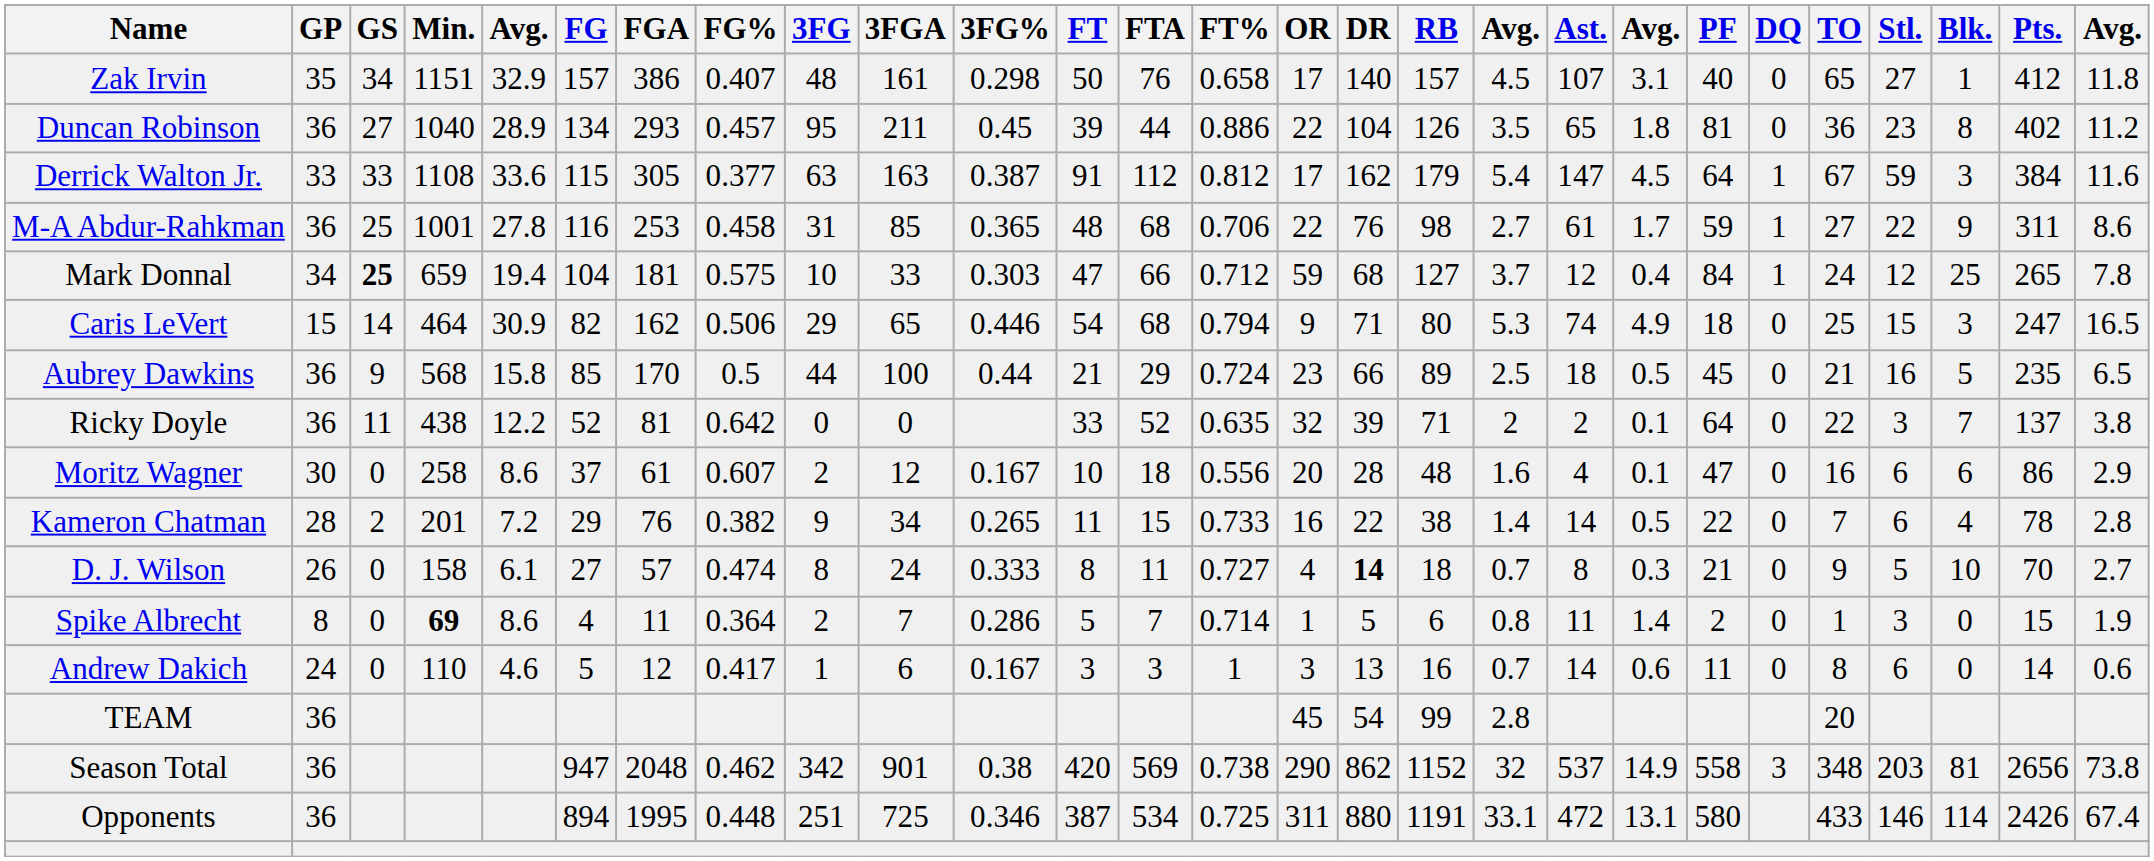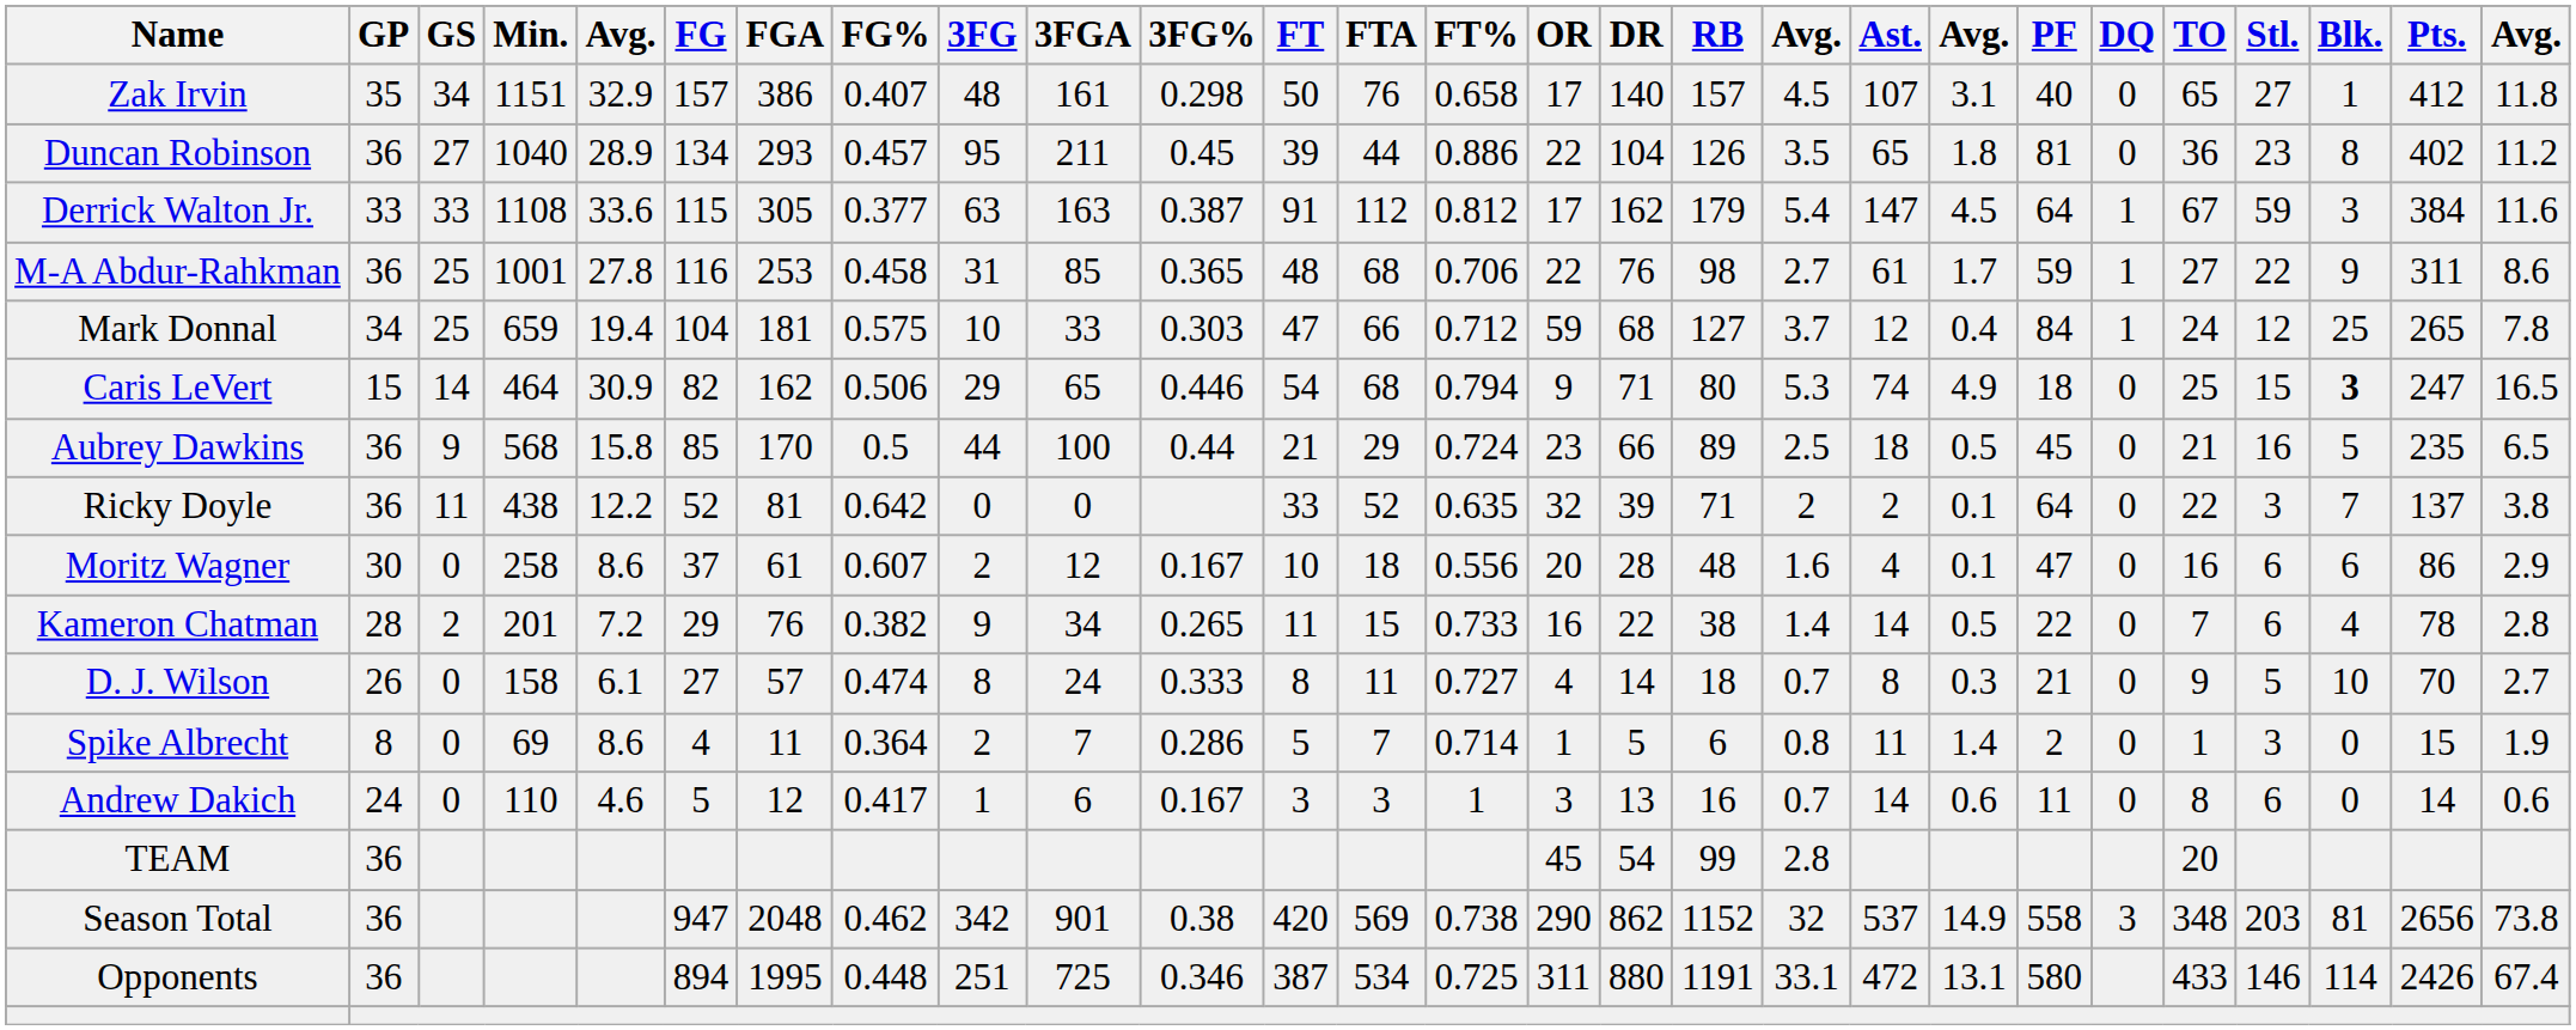 <table class="wikitable" style="text-align:center; background:#f0f0f0;">
 <tr>
 <th><strong>Name</strong></th>
 <th><strong>GP</strong></th>
 <th><strong>GS</strong></th>
 <th><strong>Min.</strong></th>
 <th><strong>Avg.</strong></th>
 <th><strong><a href='#'>FG</a></strong></th>
 <th><strong>FGA</strong></th>
 <th><strong>FG%</strong></th>
 <th><strong><a href='#'>3FG</a></strong></th>
 <th><strong>3FGA</strong></th>
 <th><strong>3FG%</strong></th>
 <th><strong><a href='#'>FT</a></strong></th>
 <th><strong>FTA</strong></th>
 <th><strong>FT%</strong></th>
 <th><strong>OR</strong></th>
 <th><strong>DR</strong></th>
 <th><strong><a href='#'>RB</a></strong></th>
 <th><strong>Avg.</strong></th>
 <th><strong><a href='#'>Ast.</a></strong></th>
 <th><strong>Avg.</strong></th>
 <th><strong><a href='#'>PF</a></strong></th>
 <th><strong><a href='#'>DQ</a></strong></th>
 <th><strong><a href='#'>TO</a></strong></th>
 <th><strong><a href='#'>Stl.</a></strong></th>
 <th><strong><a href='#'>Blk.</a></strong></th>
 <th><strong><a href='#'>Pts.</a></strong></th>
 <th><strong>Avg.</strong></th>
 </tr>
 <tr>
 <td><a href='#'>Zak Irvin</a></td>
 <td>35</td>
 <td>34</td>
 <td>1151</td>
 <td>32.9</td>
 <td>157</td>
 <td>386</td>
 <td>0.407</td>
 <td>48</td>
 <td>161</td>
 <td>0.298</td>
 <td>50</td>
 <td>76</td>
 <td>0.658</td>
 <td>17</td>
 <td>140</td>
 <td>157</td>
 <td>4.5</td>
 <td>107</td>
 <td>3.1</td>
 <td>40</td>
 <td>0</td>
 <td>65</td>
 <td>27</td>
 <td>1</td>
 <td>412</td>
 <td>11.8</td>
 </tr>
 <tr>
 <td><a href='#'>Duncan Robinson</a></td>
 <td>36</td>
 <td>27</td>
 <td>1040</td>
 <td>28.9</td>
 <td>134</td>
 <td>293</td>
 <td>0.457</td>
 <td>95</td>
 <td>211</td>
 <td>0.45</td>
 <td>39</td>
 <td>44</td>
 <td>0.886</td>
 <td>22</td>
 <td>104</td>
 <td>126</td>
 <td>3.5</td>
 <td>65</td>
 <td>1.8</td>
 <td>81</td>
 <td>0</td>
 <td>36</td>
 <td>23</td>
 <td>8</td>
 <td>402</td>
 <td>11.2</td>
 </tr>
 <tr>
 <td><a href='#'>Derrick Walton Jr.</a></td>
 <td>33</td>
 <td>33</td>
 <td>1108</td>
 <td>33.6</td>
 <td>115</td>
 <td>305</td>
 <td>0.377</td>
 <td>63</td>
 <td>163</td>
 <td>0.387</td>
 <td>91</td>
 <td>112</td>
 <td>0.812</td>
 <td>17</td>
 <td>162</td>
 <td>179</td>
 <td>5.4</td>
 <td>147</td>
 <td>4.5</td>
 <td>64</td>
 <td>1</td>
 <td>67</td>
 <td>59</td>
 <td>3</td>
 <td>384</td>
 <td>11.6</td>
 </tr>
 <tr>
 <td><a href='#'>M-A Abdur-Rahkman</a></td>
 <td>36</td>
 <td>25</td>
 <td>1001</td>
 <td>27.8</td>
 <td>116</td>
 <td>253</td>
 <td>0.458</td>
 <td>31</td>
 <td>85</td>
 <td>0.365</td>
 <td>48</td>
 <td>68</td>
 <td>0.706</td>
 <td>22</td>
 <td>76</td>
 <td>98</td>
 <td>2.7</td>
 <td>61</td>
 <td>1.7</td>
 <td>59</td>
 <td>1</td>
 <td>27</td>
 <td>22</td>
 <td>9</td>
 <td>311</td>
 <td>8.6</td>
 </tr>
 <tr>
 <td>Mark Donnal</td>
 <td>34</td>
-<td><strong>25</strong></td>
+<td>25</td>
 <td>659</td>
 <td>19.4</td>
 <td>104</td>
 <td>181</td>
 <td>0.575</td>
 <td>10</td>
 <td>33</td>
 <td>0.303</td>
 <td>47</td>
 <td>66</td>
 <td>0.712</td>
 <td>59</td>
 <td>68</td>
 <td>127</td>
 <td>3.7</td>
 <td>12</td>
 <td>0.4</td>
 <td>84</td>
 <td>1</td>
 <td>24</td>
 <td>12</td>
 <td>25</td>
 <td>265</td>
 <td>7.8</td>
 </tr>
 <tr>
 <td><a href='#'>Caris LeVert</a></td>
 <td>15</td>
 <td>14</td>
 <td>464</td>
 <td>30.9</td>
 <td>82</td>
 <td>162</td>
 <td>0.506</td>
 <td>29</td>
 <td>65</td>
 <td>0.446</td>
 <td>54</td>
 <td>68</td>
 <td>0.794</td>
 <td>9</td>
 <td>71</td>
 <td>80</td>
 <td>5.3</td>
 <td>74</td>
 <td>4.9</td>
 <td>18</td>
 <td>0</td>
 <td>25</td>
 <td>15</td>
-<td>3</td>
+<td><strong>3</strong></td>
 <td>247</td>
 <td>16.5</td>
 </tr>
 <tr>
 <td><a href='#'>Aubrey Dawkins</a></td>
 <td>36</td>
 <td>9</td>
 <td>568</td>
 <td>15.8</td>
 <td>85</td>
 <td>170</td>
 <td>0.5</td>
 <td>44</td>
 <td>100</td>
 <td>0.44</td>
 <td>21</td>
 <td>29</td>
 <td>0.724</td>
 <td>23</td>
 <td>66</td>
 <td>89</td>
 <td>2.5</td>
 <td>18</td>
 <td>0.5</td>
 <td>45</td>
 <td>0</td>
 <td>21</td>
 <td>16</td>
 <td>5</td>
 <td>235</td>
 <td>6.5</td>
 </tr>
 <tr>
 <td>Ricky Doyle</td>
 <td>36</td>
 <td>11</td>
 <td>438</td>
 <td>12.2</td>
 <td>52</td>
 <td>81</td>
 <td>0.642</td>
 <td>0</td>
 <td>0</td>
 <td></td>
 <td>33</td>
 <td>52</td>
 <td>0.635</td>
 <td>32</td>
 <td>39</td>
 <td>71</td>
 <td>2</td>
 <td>2</td>
 <td>0.1</td>
 <td>64</td>
 <td>0</td>
 <td>22</td>
 <td>3</td>
 <td>7</td>
 <td>137</td>
 <td>3.8</td>
 </tr>
 <tr>
 <td><a href='#'>Moritz Wagner</a></td>
 <td>30</td>
 <td>0</td>
 <td>258</td>
 <td>8.6</td>
 <td>37</td>
 <td>61</td>
 <td>0.607</td>
 <td>2</td>
 <td>12</td>
 <td>0.167</td>
 <td>10</td>
 <td>18</td>
 <td>0.556</td>
 <td>20</td>
 <td>28</td>
 <td>48</td>
 <td>1.6</td>
 <td>4</td>
 <td>0.1</td>
 <td>47</td>
 <td>0</td>
 <td>16</td>
 <td>6</td>
 <td>6</td>
 <td>86</td>
 <td>2.9</td>
 </tr>
 <tr>
 <td><a href='#'>Kameron Chatman</a></td>
 <td>28</td>
 <td>2</td>
 <td>201</td>
 <td>7.2</td>
 <td>29</td>
 <td>76</td>
 <td>0.382</td>
 <td>9</td>
 <td>34</td>
 <td>0.265</td>
 <td>11</td>
 <td>15</td>
 <td>0.733</td>
 <td>16</td>
 <td>22</td>
 <td>38</td>
 <td>1.4</td>
 <td>14</td>
 <td>0.5</td>
 <td>22</td>
 <td>0</td>
 <td>7</td>
 <td>6</td>
 <td>4</td>
 <td>78</td>
 <td>2.8</td>
 </tr>
 <tr>
 <td><a href='#'>D. J. Wilson</a></td>
 <td>26</td>
 <td>0</td>
 <td>158</td>
 <td>6.1</td>
 <td>27</td>
 <td>57</td>
 <td>0.474</td>
 <td>8</td>
 <td>24</td>
 <td>0.333</td>
 <td>8</td>
 <td>11</td>
 <td>0.727</td>
 <td>4</td>
-<td><strong>14</strong></td>
+<td>14</td>
 <td>18</td>
 <td>0.7</td>
 <td>8</td>
 <td>0.3</td>
 <td>21</td>
 <td>0</td>
 <td>9</td>
 <td>5</td>
 <td>10</td>
 <td>70</td>
 <td>2.7</td>
 </tr>
 <tr>
 <td><a href='#'>Spike Albrecht</a></td>
 <td>8</td>
 <td>0</td>
-<td><strong>69</strong></td>
+<td>69</td>
 <td>8.6</td>
 <td>4</td>
 <td>11</td>
 <td>0.364</td>
 <td>2</td>
 <td>7</td>
 <td>0.286</td>
 <td>5</td>
 <td>7</td>
 <td>0.714</td>
 <td>1</td>
 <td>5</td>
 <td>6</td>
 <td>0.8</td>
 <td>11</td>
 <td>1.4</td>
 <td>2</td>
 <td>0</td>
 <td>1</td>
 <td>3</td>
 <td>0</td>
 <td>15</td>
 <td>1.9</td>
 </tr>
 <tr>
 <td><a href='#'>Andrew Dakich</a></td>
 <td>24</td>
 <td>0</td>
 <td>110</td>
 <td>4.6</td>
 <td>5</td>
 <td>12</td>
 <td>0.417</td>
 <td>1</td>
 <td>6</td>
 <td>0.167</td>
 <td>3</td>
 <td>3</td>
 <td>1</td>
 <td>3</td>
 <td>13</td>
 <td>16</td>
 <td>0.7</td>
 <td>14</td>
 <td>0.6</td>
 <td>11</td>
 <td>0</td>
 <td>8</td>
 <td>6</td>
 <td>0</td>
 <td>14</td>
 <td>0.6</td>
 </tr>
 <tr>
 <td>TEAM</td>
 <td>36</td>
 <td></td>
 <td></td>
 <td></td>
 <td></td>
 <td></td>
 <td></td>
 <td></td>
 <td></td>
 <td></td>
 <td></td>
 <td></td>
 <td></td>
 <td>45</td>
 <td>54</td>
 <td>99</td>
 <td>2.8</td>
 <td></td>
 <td></td>
 <td></td>
 <td></td>
 <td>20</td>
 <td></td>
 <td></td>
 <td></td>
 <td></td>
 </tr>
 <tr>
 <td>Season Total</td>
 <td>36</td>
 <td></td>
 <td></td>
 <td></td>
 <td>947</td>
 <td>2048</td>
 <td>0.462</td>
 <td>342</td>
 <td>901</td>
 <td>0.38</td>
 <td>420</td>
 <td>569</td>
 <td>0.738</td>
 <td>290</td>
 <td>862</td>
 <td>1152</td>
 <td>32</td>
 <td>537</td>
 <td>14.9</td>
 <td>558</td>
 <td>3</td>
 <td>348</td>
 <td>203</td>
 <td>81</td>
 <td>2656</td>
 <td>73.8</td>
 </tr>
 <tr>
 <td>Opponents</td>
 <td>36</td>
 <td></td>
 <td></td>
 <td></td>
 <td>894</td>
 <td>1995</td>
 <td>0.448</td>
 <td>251</td>
 <td>725</td>
 <td>0.346</td>
 <td>387</td>
 <td>534</td>
 <td>0.725</td>
 <td>311</td>
 <td>880</td>
 <td>1191</td>
 <td>33.1</td>
 <td>472</td>
 <td>13.1</td>
 <td>580</td>
 <td></td>
 <td>433</td>
 <td>146</td>
 <td>114</td>
 <td>2426</td>
 <td>67.4</td>
 </tr>
 <tr>
 <td></td>
 </tr>
 </table>
